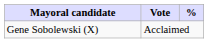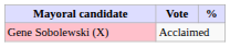 <table class="wikitable">
 <tr>
 <th style="background:#ddf; width:200px;">Mayoral candidate</th>
 <th style="background:#ddf; width:50px;">Vote</th>
 <th style="background:#ddf; width:30px;">%</th>
 </tr>
 <tr>
-<td>Gene Sobolewski (X)</td>
+<td style="background: pink;">Gene Sobolewski (X)</td>
 <td colspan="2">Acclaimed</td>
 </tr>
 </table>
